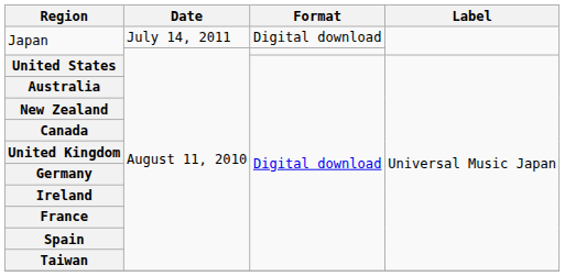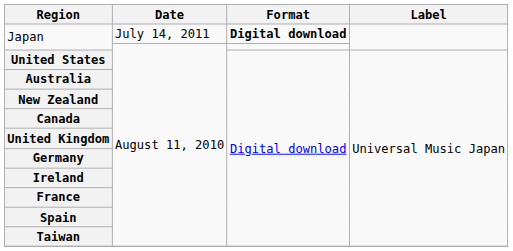 <table class="wikitable plainrowheaders">
 <tr>
 <th scope="col">Region</th>
 <th scope="col">Date</th>
 <th scope="col">Format</th>
 <th scope="col">Label</th>
 </tr>
 <tr>
 <td rowspan="2">Japan</td>
 <td>July 14, 2011</td>
-<td>Digital download</td>
+<td><strong>Digital download</strong></td>
 <td rowspan="2"></td>
 </tr>
 <tr>
 <td rowspan="11">August 11, 2010</td>
 <td></td>
 </tr>
 <tr>
 <th scope="row">United States</th>
 <td rowspan="10"><a href='#'>Digital download</a></td>
 <td rowspan="10">Universal Music Japan</td>
 </tr>
 <tr>
 <th scope="row">Australia</th>
 </tr>
 <tr>
 <th scope="row">New Zealand</th>
 </tr>
 <tr>
 <th scope="row">Canada</th>
 </tr>
 <tr>
 <th scope="row">United Kingdom</th>
 </tr>
 <tr>
 <th scope="row">Germany</th>
 </tr>
 <tr>
 <th scope="row">Ireland</th>
 </tr>
 <tr>
 <th scope="row">France</th>
 </tr>
 <tr>
 <th scope="row">Spain</th>
 </tr>
 <tr>
 <th scope="row">Taiwan</th>
 </tr>
 <tr>
 </tr>
 </table>
